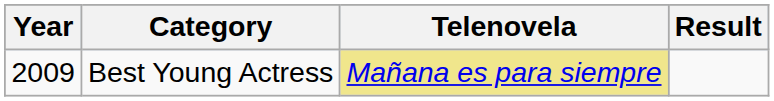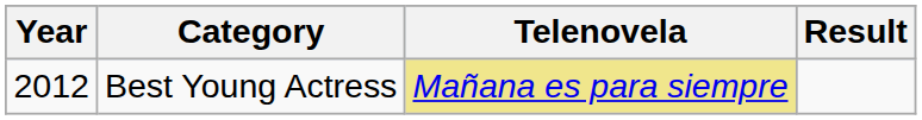 <table class="wikitable">
 <tr style="background:#b0c4de;">
 <th>Year</th>
 <th>Category</th>
 <th>Telenovela</th>
 <th>Result</th>
 </tr>
 <tr>
-<td>2009</td>
+<td>2012</td>
 <td>Best Young Actress</td>
 <td style="background: khaki;"><em><a href='#'>Mañana es para siempre</a></em></td>
 <td></td>
 </tr>
 </table>
